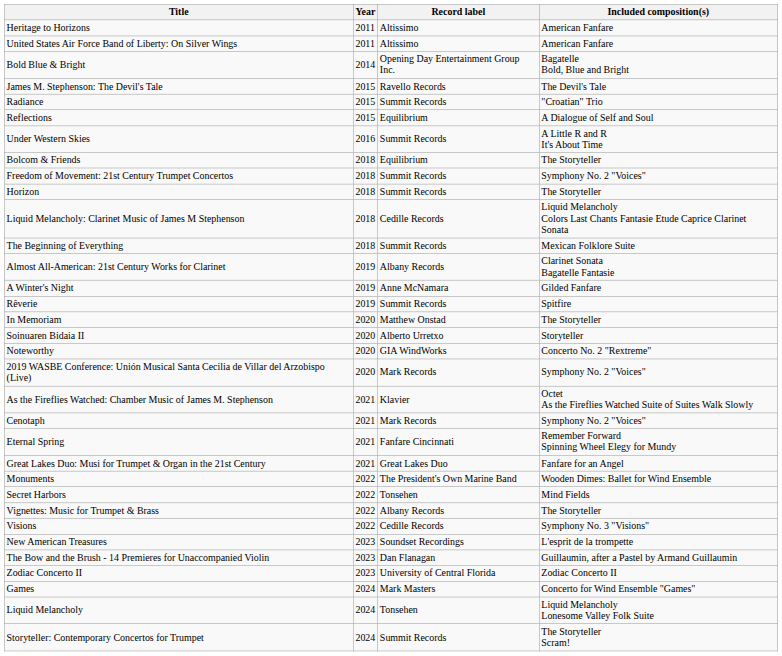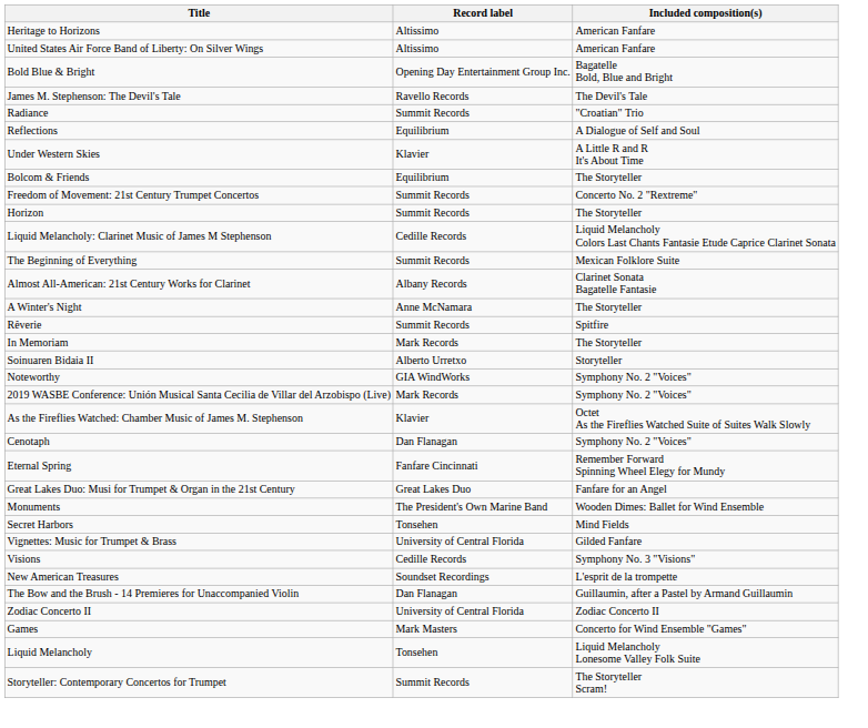 <table class="wikitable sortable">
 <tr>
 <th>Title</th>
-<th>Year</th>
 <th>Record label</th>
 <th>Included composition(s)</th>
 </tr>
 <tr>
 <td>Heritage to Horizons</td>
-<td>2011</td>
 <td>Altissimo</td>
 <td>American Fanfare</td>
 </tr>
 <tr>
 <td>United States Air Force Band of Liberty: On Silver Wings</td>
-<td>2011</td>
 <td>Altissimo</td>
 <td>American Fanfare</td>
 </tr>
 <tr>
 <td>Bold Blue & Bright</td>
-<td>2014</td>
 <td>Opening Day Entertainment Group Inc.</td>
 <td>Bagatelle<br>Bold, Blue and Bright</td>
 </tr>
 <tr>
 <td>James M. Stephenson: The Devil's Tale</td>
-<td>2015</td>
 <td>Ravello Records</td>
 <td>The Devil's Tale</td>
 </tr>
 <tr>
 <td>Radiance</td>
-<td>2015</td>
 <td>Summit Records</td>
 <td>"Croatian" Trio</td>
 </tr>
 <tr>
 <td>Reflections</td>
-<td>2015</td>
 <td>Equilibrium</td>
 <td>A Dialogue of Self and Soul</td>
 </tr>
 <tr>
 <td>Under Western Skies</td>
-<td>2016</td>
-<td>Summit Records</td>
+<td>Klavier</td>
 <td>A Little R and R<br>It's About Time</td>
 </tr>
 <tr>
 <td>Bolcom & Friends</td>
-<td>2018</td>
 <td>Equilibrium</td>
 <td>The Storyteller</td>
 </tr>
 <tr>
 <td>Freedom of Movement: 21st Century Trumpet Concertos</td>
-<td>2018</td>
 <td>Summit Records</td>
-<td>Symphony No. 2 "Voices"</td>
+<td>Concerto No. 2 "Rextreme"</td>
 </tr>
 <tr>
 <td>Horizon</td>
-<td>2018</td>
 <td>Summit Records</td>
 <td>The Storyteller</td>
 </tr>
 <tr>
 <td>Liquid Melancholy: Clarinet Music of James M Stephenson</td>
-<td>2018</td>
 <td>Cedille Records</td>
 <td>Liquid Melancholy<br>Colors Last Chants Fantasie Etude Caprice Clarinet Sonata</td>
 </tr>
 <tr>
 <td>The Beginning of Everything</td>
-<td>2018</td>
 <td>Summit Records</td>
 <td>Mexican Folklore Suite</td>
 </tr>
 <tr>
 <td>Almost All-American: 21st Century Works for Clarinet</td>
-<td>2019</td>
 <td>Albany Records</td>
 <td>Clarinet Sonata<br>Bagatelle Fantasie</td>
 </tr>
 <tr>
 <td>A Winter's Night</td>
-<td>2019</td>
 <td>Anne McNamara</td>
-<td>Gilded Fanfare</td>
+<td>The Storyteller</td>
 </tr>
 <tr>
 <td>Rêverie</td>
-<td>2019</td>
 <td>Summit Records</td>
 <td>Spitfire</td>
 </tr>
 <tr>
 <td>In Memoriam</td>
-<td>2020</td>
-<td>Matthew Onstad</td>
+<td>Mark Records</td>
 <td>The Storyteller</td>
 </tr>
 <tr>
 <td>Soinuaren Bidaia II</td>
-<td>2020</td>
 <td>Alberto Urretxo</td>
 <td>Storyteller</td>
 </tr>
 <tr>
 <td>Noteworthy</td>
-<td>2020</td>
 <td>GIA WindWorks</td>
-<td>Concerto No. 2 "Rextreme"</td>
+<td>Symphony No. 2 "Voices"</td>
 </tr>
 <tr>
 <td>2019 WASBE Conference: Unión Musical Santa Cecilia de Villar del Arzobispo (Live)</td>
-<td>2020</td>
 <td>Mark Records</td>
 <td>Symphony No. 2 "Voices"</td>
 </tr>
 <tr>
 <td>As the Fireflies Watched: Chamber Music of James M. Stephenson</td>
-<td>2021</td>
 <td>Klavier</td>
 <td>Octet<br>As the Fireflies Watched Suite of Suites Walk Slowly</td>
 </tr>
 <tr>
 <td>Cenotaph</td>
-<td>2021</td>
-<td>Mark Records</td>
+<td>Dan Flanagan</td>
 <td>Symphony No. 2 "Voices"</td>
 </tr>
 <tr>
 <td>Eternal Spring</td>
-<td>2021</td>
 <td>Fanfare Cincinnati</td>
 <td>Remember Forward<br>Spinning Wheel Elegy for Mundy</td>
 </tr>
 <tr>
 <td>Great Lakes Duo: Musi for Trumpet & Organ in the 21st Century</td>
-<td>2021</td>
 <td>Great Lakes Duo</td>
 <td>Fanfare for an Angel</td>
 </tr>
 <tr>
 <td>Monuments</td>
-<td>2022</td>
 <td>The President's Own Marine Band</td>
 <td>Wooden Dimes: Ballet for Wind Ensemble</td>
 </tr>
 <tr>
 <td>Secret Harbors</td>
-<td>2022</td>
 <td>Tonsehen</td>
 <td>Mind Fields</td>
 </tr>
 <tr>
 <td>Vignettes: Music for Trumpet & Brass</td>
-<td>2022</td>
-<td>Albany Records</td>
-<td>The Storyteller</td>
+<td>University of Central Florida</td>
+<td>Gilded Fanfare</td>
 </tr>
 <tr>
 <td>Visions</td>
-<td>2022</td>
 <td>Cedille Records</td>
 <td>Symphony No. 3 "Visions"</td>
 </tr>
 <tr>
 <td>New American Treasures</td>
-<td>2023</td>
 <td>Soundset Recordings</td>
 <td>L'esprit de la trompette</td>
 </tr>
 <tr>
 <td>The Bow and the Brush - 14 Premieres for Unaccompanied Violin</td>
-<td>2023</td>
 <td>Dan Flanagan</td>
 <td>Guillaumin, after a Pastel by Armand Guillaumin</td>
 </tr>
 <tr>
 <td>Zodiac Concerto II</td>
-<td>2023</td>
 <td>University of Central Florida</td>
 <td>Zodiac Concerto II</td>
 </tr>
 <tr>
 <td>Games</td>
-<td>2024</td>
 <td>Mark Masters</td>
 <td>Concerto for Wind Ensemble "Games"</td>
 </tr>
 <tr>
 <td>Liquid Melancholy</td>
-<td>2024</td>
 <td>Tonsehen</td>
 <td>Liquid Melancholy<br>Lonesome Valley Folk Suite</td>
 </tr>
 <tr>
 <td>Storyteller: Contemporary Concertos for Trumpet</td>
-<td>2024</td>
 <td>Summit Records</td>
 <td>The Storyteller<br>Scram!</td>
 </tr>
 </table>
